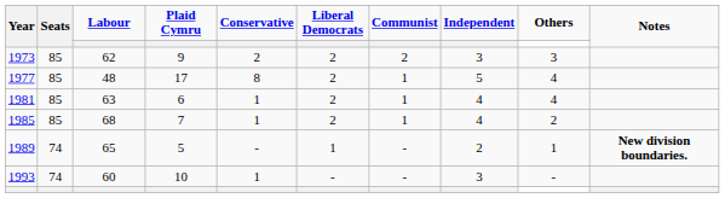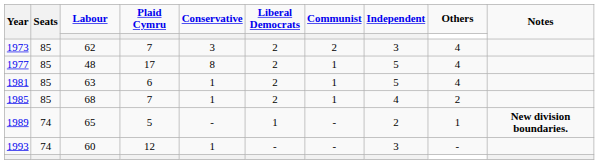 <table class="wikitable" style=text-align:center>
 <tr>
 <th rowspan=2><strong>Year</strong></th>
 <th rowspan=2><strong>Seats</strong></th>
 <td width="80"><a href='#'><strong>Labour</strong></a></td>
 <td width="80"><strong><a href='#'>Plaid Cymru</a></strong></td>
 <td width="80"><a href='#'><strong>Conservative</strong></a></td>
 <td width="80"><a href='#'><strong>Liberal Democrats</strong></a></td>
 <td width="80"><a href='#'><strong>Communist</strong></a></td>
 <td width="80"><a href='#'><strong>Independent</strong></a></td>
 <td width="80"><strong>Others</strong></td>
 <td rowspan=2><strong>Notes</strong></td>
 </tr>
 <tr>
 <th style="background-color: "></th>
 <th style="background-color: "></th>
 <th style="background-color: "></th>
 <th style="background-color: "></th>
 <th style="background-color: "></th>
 <th style="background-color: "></th>
 <th style="background-color: white; width: 3px;"></th>
 </tr>
 <tr>
 <td><a href='#'>1973</a></td>
 <td>85</td>
 <td>62</td>
-<td>9</td>
-<td>2</td>
+<td>7</td>
+<td>3</td>
 <td>2</td>
 <td>2</td>
 <td>3</td>
-<td>3</td>
+<td>4</td>
 <td></td>
 </tr>
 <tr>
 <td><a href='#'>1977</a></td>
 <td>85</td>
 <td>48</td>
 <td>17</td>
 <td>8</td>
 <td>2</td>
 <td>1</td>
 <td>5</td>
 <td>4</td>
 <td></td>
 </tr>
 <tr>
 <td><a href='#'>1981</a></td>
 <td>85</td>
 <td>63</td>
 <td>6</td>
 <td>1</td>
 <td>2</td>
 <td>1</td>
-<td>4</td>
+<td>5</td>
 <td>4</td>
 <td></td>
 </tr>
 <tr>
 <td><a href='#'>1985</a></td>
 <td>85</td>
 <td>68</td>
 <td>7</td>
 <td>1</td>
 <td>2</td>
 <td>1</td>
 <td>4</td>
 <td>2</td>
 <td></td>
 </tr>
 <tr>
 <td><a href='#'>1989</a></td>
 <td>74</td>
 <td>65</td>
 <td>5</td>
 <td>-</td>
 <td>1</td>
 <td>-</td>
 <td>2</td>
 <td>1</td>
 <td><strong>New division boundaries.</strong></td>
 </tr>
 <tr>
 <td><a href='#'>1993</a></td>
 <td>74</td>
 <td>60</td>
-<td>10</td>
+<td>12</td>
 <td>1</td>
 <td>-</td>
 <td>-</td>
 <td>3</td>
 <td>-</td>
 <td></td>
 </tr>
 <tr>
 <th></th>
 <th></th>
 <th style="background-color: "></th>
 <th style="background-color: "></th>
 <th style="background-color: "></th>
 <th style="background-color: "></th>
 <th style="background-color: "></th>
 <th style="background-color: "></th>
 <th style="background-color: white; width: 3px;"></th>
 <th></th>
 </tr>
 </table>
